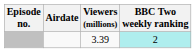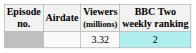 <table class="wikitable" style="text-align:center;">
 <tr>
 <th scope="col">Episode<br>no.</th>
 <th scope="col">Airdate</th>
 <th scope="col">Viewers<br><small>(millions)</small></th>
 <th scope="col">BBC Two<br>weekly ranking</th>
 </tr>
 <tr>
 <th scope="row" style="background:silver;"></th>
 <td></td>
-<td>3.39</td>
+<td>3.32</td>
 <td style="background: paleturquoise;">2</td>
 </tr>
 </table>
